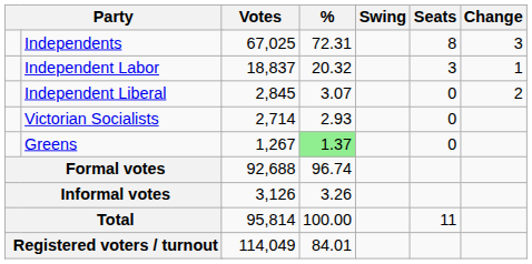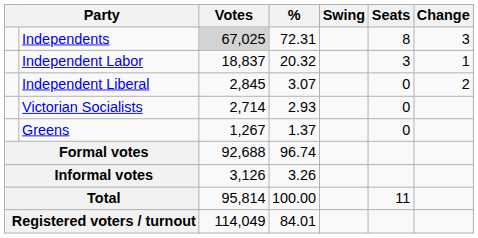 <table class="wikitable" style="text-align:right; margin-bottom:0">
 <tr>
 <th style="width:10px" colspan=3>Party</th>
 <th style="width:70px;">Votes</th>
 <th style="width:40px;">%</th>
 <th style="width:40px;">Swing</th>
 <th style="width:40px;">Seats</th>
 <th style="width:40px;">Change</th>
 </tr>
 <tr>
 <td> </td>
 <td style="text-align:left;" colspan="2"><a href='#'>Independents</a></td>
-<td>67,025</td>
+<td style="background: lightgrey;">67,025</td>
 <td>72.31</td>
 <td></td>
 <td>8</td>
 <td> 3</td>
 </tr>
 <tr>
 <td> </td>
 <td style="text-align:left;" colspan="2"><a href='#'>Independent Labor</a></td>
 <td>18,837</td>
 <td>20.32</td>
 <td></td>
 <td>3</td>
 <td> 1</td>
 </tr>
 <tr>
 <td> </td>
 <td colspan="2" style="text-align:left;"><a href='#'>Independent Liberal</a></td>
 <td>2,845</td>
 <td>3.07</td>
 <td></td>
 <td>0</td>
 <td> 2</td>
 </tr>
 <tr>
 <td> </td>
 <td style="text-align:left;" colspan="2"><a href='#'>Victorian Socialists</a></td>
 <td>2,714</td>
 <td>2.93</td>
 <td></td>
 <td>0</td>
 <td></td>
 </tr>
 <tr>
 <td> </td>
 <td style="text-align:left;" colspan="2"><a href='#'>Greens</a></td>
 <td>1,267</td>
-<td style="background: lightgreen;">1.37</td>
+<td>1.37</td>
 <td></td>
 <td>0</td>
 <td></td>
 </tr>
 <tr>
 <th colspan="3" rowspan="1"> Formal votes</th>
 <td>92,688</td>
 <td>96.74</td>
 <td></td>
 <td></td>
 <td></td>
 </tr>
 <tr>
 <th colspan="3" rowspan="1"> Informal votes</th>
 <td>3,126</td>
 <td>3.26</td>
 <td></td>
 <td></td>
 <td></td>
 </tr>
 <tr>
 <th colspan="3" rowspan="1"> Total</th>
 <td>95,814</td>
 <td>100.00</td>
 <td></td>
 <td>11</td>
 <td></td>
 </tr>
 <tr>
 <th colspan="3" rowspan="1"> Registered voters / turnout</th>
 <td>114,049</td>
 <td>84.01</td>
 <td></td>
 <td></td>
 <td></td>
 </tr>
 </table>
